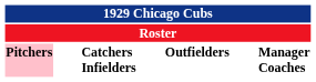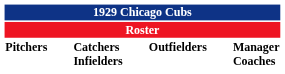 <table class="toccolours" style="font-size: 95%;">
 <tr>
 <th colspan="10" style="background-color: #0e3386; color: white; text-align: center;">1929 Chicago Cubs</th>
 </tr>
 <tr>
 <td colspan="10" style="background-color: #EE1422; color: white; text-align: center;"><strong>Roster</strong></td>
 </tr>
 <tr>
-<td valign="top" style="background: pink;"><strong>Pitchers</strong><br>           </td>
+<td valign="top"><strong>Pitchers</strong><br>           </td>
 <td width="25px"></td>
 <td valign="top"><strong>Catchers</strong><br>      <strong>Infielders</strong>       </td>
 <td width="25px"></td>
 <td valign="top"><strong>Outfielders</strong><br>     </td>
 <td width="25px"></td>
 <td valign="top"><strong>Manager</strong><br> <strong>Coaches</strong>   </td>
 </tr>
 </table>
